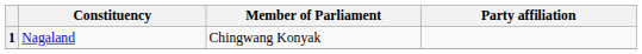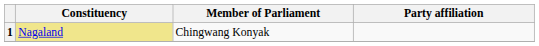 <table class="wikitable sortable">
 <tr style="text-align:center;">
 <th></th>
 <th style="width:13em">Constituency</th>
 <th style="width:15em">Member of Parliament</th>
 <th colspan="2" style="width:15em">Party affiliation</th>
 </tr>
 <tr>
 <th>1</th>
-<td><a href='#'>Nagaland</a></td>
+<td style="background: khaki;"><a href='#'>Nagaland</a></td>
 <td>Chingwang Konyak</td>
 <td></td>
 </tr>
 <tr>
 </tr>
 </table>
